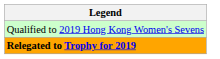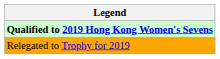 <table class="wikitable">
 <tr>
 <th colspan=3>Legend</th>
 </tr>
 <tr bgcolor=ccffcc>
-<td>Qualified to <a href='#'>2019 Hong Kong Women's Sevens</a></td>
+<td><strong>Qualified to <a href='#'>2019 Hong Kong Women's Sevens</a></strong></td>
 </tr>
 <tr bgcolor=FFA500>
-<td><strong>Relegated to <a href='#'>Trophy for 2019</a></strong></td>
+<td>Relegated to <a href='#'>Trophy for 2019</a></td>
 </tr>
 </table>
